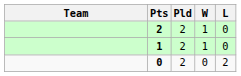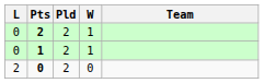 <table class=wikitable style="text-align:center">
 <tr>
-<th width=175>Team</th>
+<th width=20>L</th>
 <th width=20>Pts</th>
 <th width=20>Pld</th>
 <th width=20>W</th>
-<th width=20>L</th>
+<th width=175>Team</th>
 </tr>
 <tr bgcolor="#ccffcc">
-<td style="text-align:left"></td>
+<td>0</td>
 <td><strong>2</strong></td>
 <td>2</td>
 <td>1</td>
-<td>0</td>
+<td style="text-align:left"></td>
 </tr>
 <tr bgcolor="#ccffcc">
-<td style="text-align:left"></td>
+<td>0</td>
 <td><strong>1</strong></td>
 <td>2</td>
 <td>1</td>
-<td>0</td>
+<td style="text-align:left"></td>
 </tr>
 <tr>
-<td style="text-align:left"></td>
+<td>2</td>
 <td><strong>0</strong></td>
 <td>2</td>
 <td>0</td>
-<td>2</td>
+<td style="text-align:left"></td>
 </tr>
 </table>
